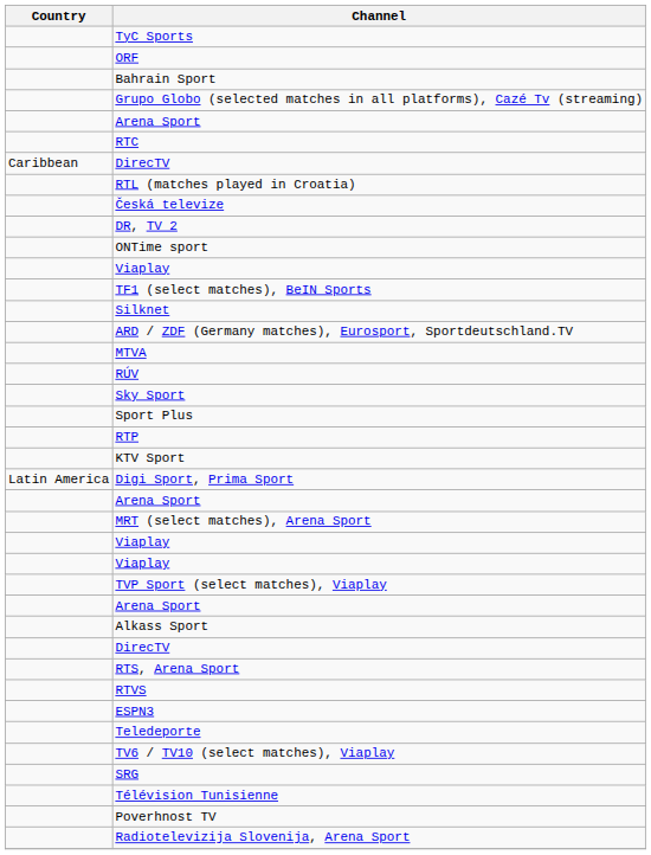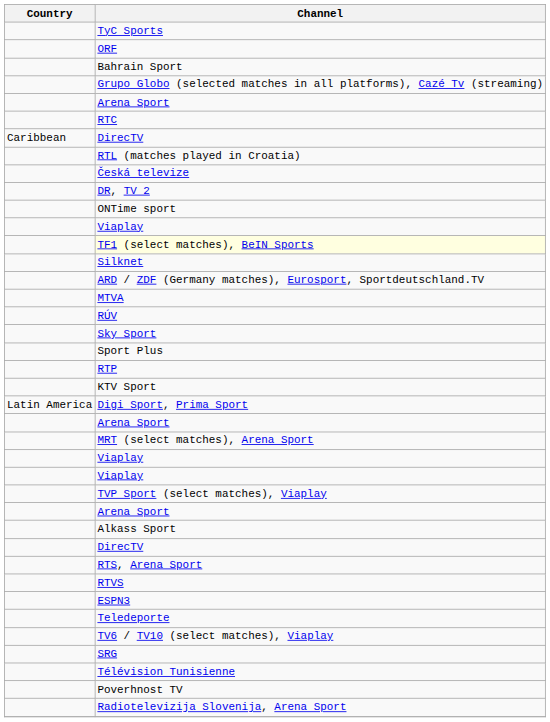 <table class="wikitable collapsible collapsed">
 <tr>
 <th>Country</th>
 <th>Channel</th>
 </tr>
 <tr>
 <td></td>
 <td><a href='#'>TyC Sports</a></td>
 </tr>
 <tr>
 <td></td>
 <td><a href='#'>ORF</a></td>
 </tr>
 <tr>
 <td></td>
 <td>Bahrain Sport</td>
 </tr>
 <tr>
 <td></td>
 <td><a href='#'>Grupo Globo</a> (selected matches in all platforms), <a href='#'>Cazé Tv</a> (streaming)</td>
 </tr>
 <tr>
 <td></td>
 <td><a href='#'>Arena Sport</a></td>
 </tr>
 <tr>
 <td></td>
 <td><a href='#'>RTC</a></td>
 </tr>
 <tr>
 <td>Caribbean</td>
 <td><a href='#'>DirecTV</a></td>
 </tr>
 <tr>
 <td></td>
 <td><a href='#'>RTL</a> (matches played in Croatia)</td>
 </tr>
 <tr>
 <td></td>
 <td><a href='#'>Česká televize</a></td>
 </tr>
 <tr>
 <td></td>
 <td><a href='#'>DR</a>, <a href='#'>TV 2</a></td>
 </tr>
 <tr>
 <td></td>
 <td>ONTime sport</td>
 </tr>
 <tr>
 <td></td>
 <td><a href='#'>Viaplay</a></td>
 </tr>
 <tr>
 <td></td>
-<td><a href='#'>TF1</a> (select matches), <a href='#'>BeIN Sports</a></td>
+<td style="background: lightyellow;"><a href='#'>TF1</a> (select matches), <a href='#'>BeIN Sports</a></td>
 </tr>
 <tr>
 <td></td>
 <td><a href='#'>Silknet</a></td>
 </tr>
 <tr>
 <td></td>
 <td><a href='#'>ARD</a> / <a href='#'>ZDF</a> (Germany matches), <a href='#'>Eurosport</a>, Sportdeutschland.TV</td>
 </tr>
 <tr>
 <td></td>
 <td><a href='#'>MTVA</a></td>
 </tr>
 <tr>
 <td></td>
 <td><a href='#'>RÚV</a></td>
 </tr>
 <tr>
 <td></td>
 <td><a href='#'>Sky Sport</a></td>
 </tr>
 <tr>
 <td></td>
 <td>Sport Plus</td>
 </tr>
 <tr>
 <td></td>
 <td><a href='#'>RTP</a></td>
 </tr>
 <tr>
 <td></td>
 <td>KTV Sport</td>
 </tr>
 <tr>
 <td>Latin America</td>
 <td><a href='#'>Digi Sport</a>, <a href='#'>Prima Sport</a></td>
 </tr>
 <tr>
 <td></td>
 <td><a href='#'>Arena Sport</a></td>
 </tr>
 <tr>
 <td></td>
 <td><a href='#'>MRT</a> (select matches), <a href='#'>Arena Sport</a></td>
 </tr>
 <tr>
 <td></td>
 <td><a href='#'>Viaplay</a></td>
 </tr>
 <tr>
 <td></td>
 <td><a href='#'>Viaplay</a></td>
 </tr>
 <tr>
 <td></td>
 <td><a href='#'>TVP Sport</a> (select matches), <a href='#'>Viaplay</a></td>
 </tr>
 <tr>
 <td></td>
 <td><a href='#'>Arena Sport</a></td>
 </tr>
 <tr>
 <td></td>
 <td>Alkass Sport</td>
 </tr>
 <tr>
 <td></td>
 <td><a href='#'>DirecTV</a></td>
 </tr>
 <tr>
 <td></td>
 <td><a href='#'>RTS</a>, <a href='#'>Arena Sport</a></td>
 </tr>
 <tr>
 <td></td>
 <td><a href='#'>RTVS</a></td>
 </tr>
 <tr>
 <td></td>
 <td><a href='#'>ESPN3</a></td>
 </tr>
 <tr>
 <td></td>
 <td><a href='#'>Teledeporte</a></td>
 </tr>
 <tr>
 <td></td>
 <td><a href='#'>TV6</a> / <a href='#'>TV10</a> (select matches), <a href='#'>Viaplay</a></td>
 </tr>
 <tr>
 <td></td>
 <td><a href='#'>SRG</a></td>
 </tr>
 <tr>
 <td></td>
 <td><a href='#'>Télévision Tunisienne</a></td>
 </tr>
 <tr>
 <td></td>
 <td>Poverhnost TV</td>
 </tr>
 <tr>
 <td></td>
 <td><a href='#'>Radiotelevizija Slovenija</a>, <a href='#'>Arena Sport</a></td>
 </tr>
 <tr>
 </tr>
 </table>
